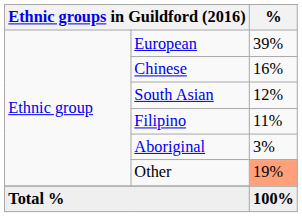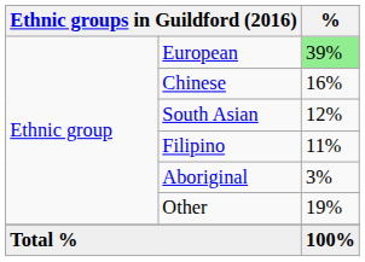 <table class="wikitable">
 <tr>
 <th colspan=2><a href='#'>Ethnic groups</a> in Guildford (2016)</th>
 <th>%</th>
 </tr>
 <tr>
 <td rowspan=6><a href='#'>Ethnic group</a></td>
 <td><a href='#'>European</a></td>
-<td>39%</td>
+<td style="background: lightgreen;">39%</td>
 </tr>
 <tr>
 <td><a href='#'>Chinese</a></td>
 <td>16%</td>
 </tr>
 <tr>
 <td><a href='#'>South Asian</a></td>
 <td>12%</td>
 </tr>
 <tr>
 <td><a href='#'>Filipino</a></td>
 <td>11%</td>
 </tr>
 <tr>
 <td><a href='#'>Aboriginal</a></td>
 <td>3%</td>
 </tr>
 <tr>
 <td>Other</td>
-<td style="background: lightsalmon;">19%</td>
+<td>19%</td>
 </tr>
 <tr>
 </tr>
 <tr style="background:#efefef; font-weight:bold">
 <td colspan=2>Total %</td>
 <td>100%</td>
 </tr>
 </table>
